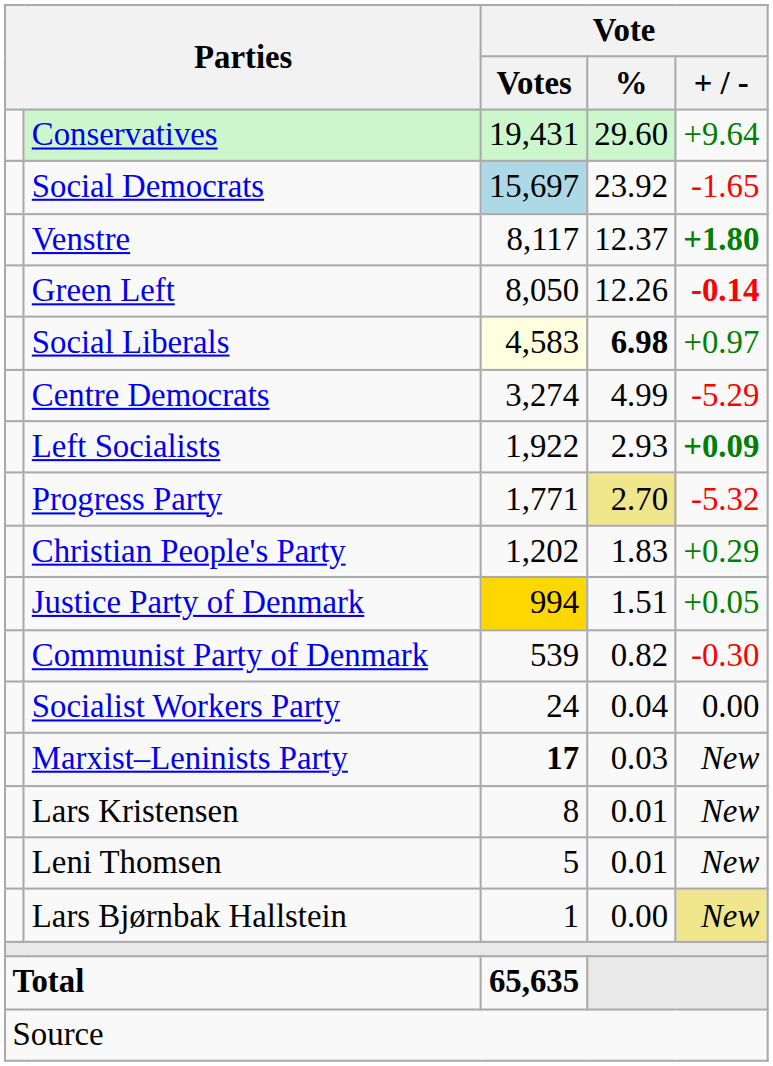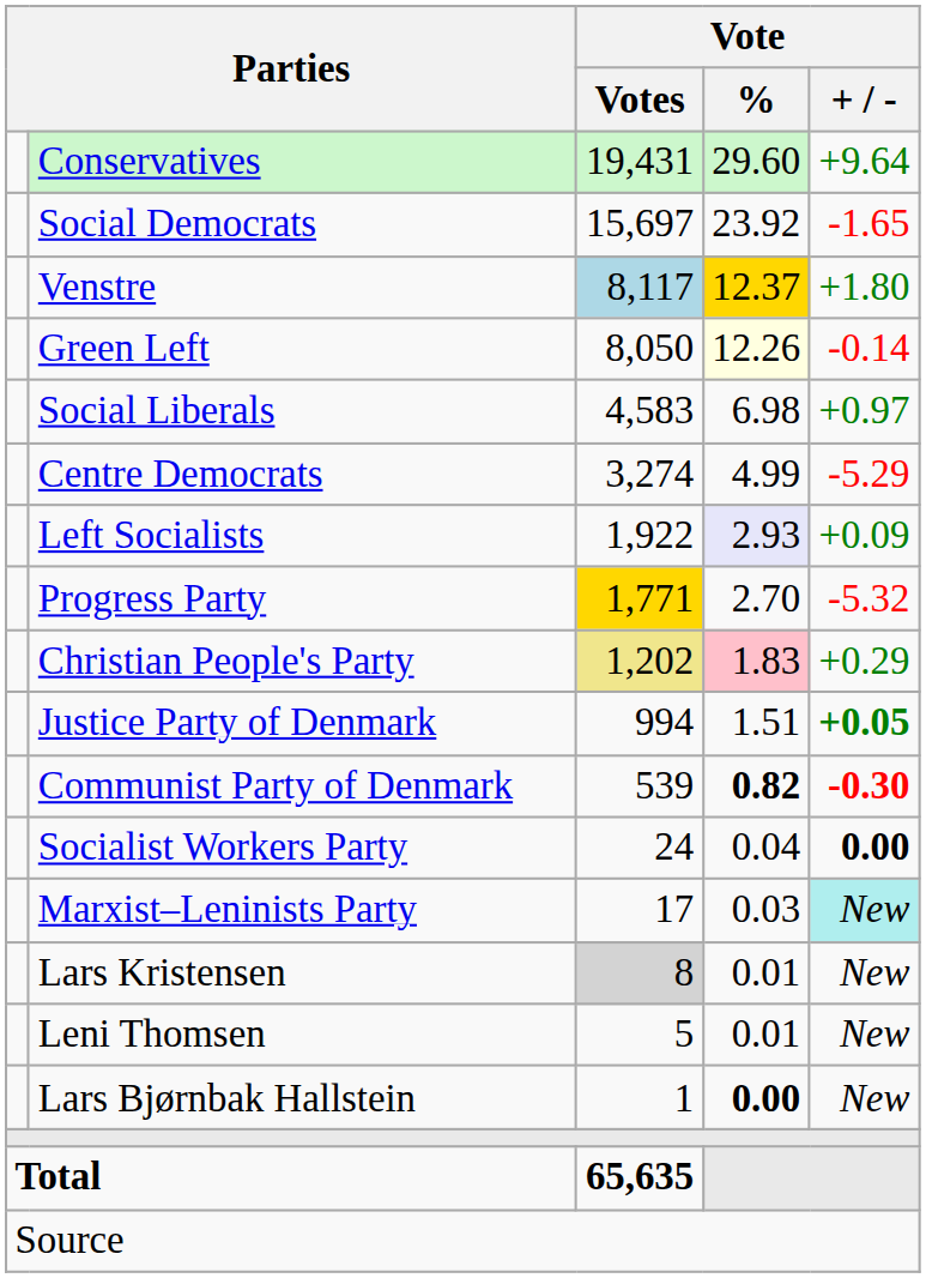 <table class="wikitable" style="text-align:right;">
 <tr>
 <th style="text-align:centre;" rowspan="2" colspan="2" width="225">Parties</th>
 <th colspan="3">Vote</th>
 </tr>
 <tr>
 <th width="15">Votes</th>
 <th width="15">%</th>
 <th width="15">+ / -</th>
 </tr>
 <tr>
 <td width="2" style="color:inherit;background:"></td>
 <td bgcolor=#ccf7cc  align="left"><a href='#'>Conservatives</a></td>
 <td bgcolor=#ccf7cc>19,431</td>
 <td bgcolor=#ccf7cc>29.60</td>
 <td style=color:green;>+9.64</td>
 </tr>
 <tr>
 <td width="2" style="color:inherit;background:"></td>
 <td align="left"><a href='#'>Social Democrats</a></td>
-<td style="background: lightblue;">15,697</td>
+<td>15,697</td>
 <td>23.92</td>
 <td style=color:red;>-1.65</td>
 </tr>
 <tr>
 <td width="2" style="color:inherit;background:"></td>
 <td align="left"><a href='#'>Venstre</a></td>
-<td>8,117</td>
-<td>12.37</td>
-<td style=color:green;><strong>+1.80</strong></td>
+<td style="background: lightblue;">8,117</td>
+<td style="background: gold;">12.37</td>
+<td style=color:green;>+1.80</td>
 </tr>
 <tr>
 <td width="2" style="color:inherit;background:"></td>
 <td align="left"><a href='#'>Green Left</a></td>
 <td>8,050</td>
-<td>12.26</td>
-<td style=color:red;><strong>-0.14</strong></td>
+<td style="background: lightyellow;">12.26</td>
+<td style=color:red;>-0.14</td>
 </tr>
 <tr>
 <td width="2" style="color:inherit;background:"></td>
 <td align="left"><a href='#'>Social Liberals</a></td>
-<td style="background: lightyellow;">4,583</td>
-<td><strong>6.98</strong></td>
+<td>4,583</td>
+<td>6.98</td>
 <td style=color:green;>+0.97</td>
 </tr>
 <tr>
 <td width="2" style="color:inherit;background:"></td>
 <td align="left"><a href='#'>Centre Democrats</a></td>
 <td>3,274</td>
 <td>4.99</td>
 <td style=color:red;>-5.29</td>
 </tr>
 <tr>
 <td width="2" style="color:inherit;background:"></td>
 <td align="left"><a href='#'>Left Socialists</a></td>
 <td>1,922</td>
-<td>2.93</td>
-<td style=color:green;><strong>+0.09</strong></td>
+<td style="background: lavender;">2.93</td>
+<td style=color:green;>+0.09</td>
 </tr>
 <tr>
 <td width="2" style="color:inherit;background:"></td>
 <td align="left"><a href='#'>Progress Party</a></td>
-<td>1,771</td>
-<td style="background: khaki;">2.70</td>
+<td style="background: gold;">1,771</td>
+<td>2.70</td>
 <td style=color:red;>-5.32</td>
 </tr>
 <tr>
 <td width="2" style="color:inherit;background:"></td>
 <td align="left"><a href='#'>Christian People's Party</a></td>
-<td>1,202</td>
-<td>1.83</td>
+<td style="background: khaki;">1,202</td>
+<td style="background: pink;">1.83</td>
 <td style=color:green;>+0.29</td>
 </tr>
 <tr>
 <td width="2" style="color:inherit;background:"></td>
 <td align="left"><a href='#'>Justice Party of Denmark</a></td>
-<td style="background: gold;">994</td>
+<td>994</td>
 <td>1.51</td>
-<td style=color:green;>+0.05</td>
+<td style=color:green;><strong>+0.05</strong></td>
 </tr>
 <tr>
 <td width="2" style="color:inherit;background:"></td>
 <td align="left"><a href='#'>Communist Party of Denmark</a></td>
 <td>539</td>
-<td>0.82</td>
-<td style=color:red;>-0.30</td>
+<td><strong>0.82</strong></td>
+<td style=color:red;><strong>-0.30</strong></td>
 </tr>
 <tr>
 <td width="2" style="color:inherit;background:"></td>
 <td align="left"><a href='#'>Socialist Workers Party</a></td>
 <td>24</td>
 <td>0.04</td>
-<td>0.00</td>
+<td><strong>0.00</strong></td>
 </tr>
 <tr>
 <td width="2" style="color:inherit;background:"></td>
 <td align="left"><a href='#'>Marxist–Leninists Party</a></td>
-<td><strong>17</strong></td>
+<td>17</td>
 <td>0.03</td>
-<td><em>New</em></td>
+<td style="background: paleturquoise;"><em>New</em></td>
 </tr>
 <tr>
 <td width="2" style="color:inherit;background:"></td>
 <td align="left">Lars Kristensen</td>
-<td>8</td>
+<td style="background: lightgrey;">8</td>
 <td>0.01</td>
 <td><em>New</em></td>
 </tr>
 <tr>
 <td width="2" style="color:inherit;background:"></td>
 <td align="left">Leni Thomsen</td>
 <td>5</td>
 <td>0.01</td>
 <td><em>New</em></td>
 </tr>
 <tr>
 <td width="2" style="color:inherit;background:"></td>
 <td align="left">Lars Bjørnbak Hallstein</td>
 <td>1</td>
-<td>0.00</td>
-<td style="background: khaki;"><em>New</em></td>
+<td><strong>0.00</strong></td>
+<td><em>New</em></td>
 </tr>
 <tr>
 <td colspan="7" bgcolor="#E9E9E9"></td>
 </tr>
 <tr>
 <td align="left" colspan="2"><strong>Total</strong></td>
 <td><strong>65,635</strong></td>
 <td bgcolor="#E9E9E9" colspan="2"></td>
 </tr>
 <tr>
 <td align="left" colspan="6">Source</td>
 </tr>
 </table>
